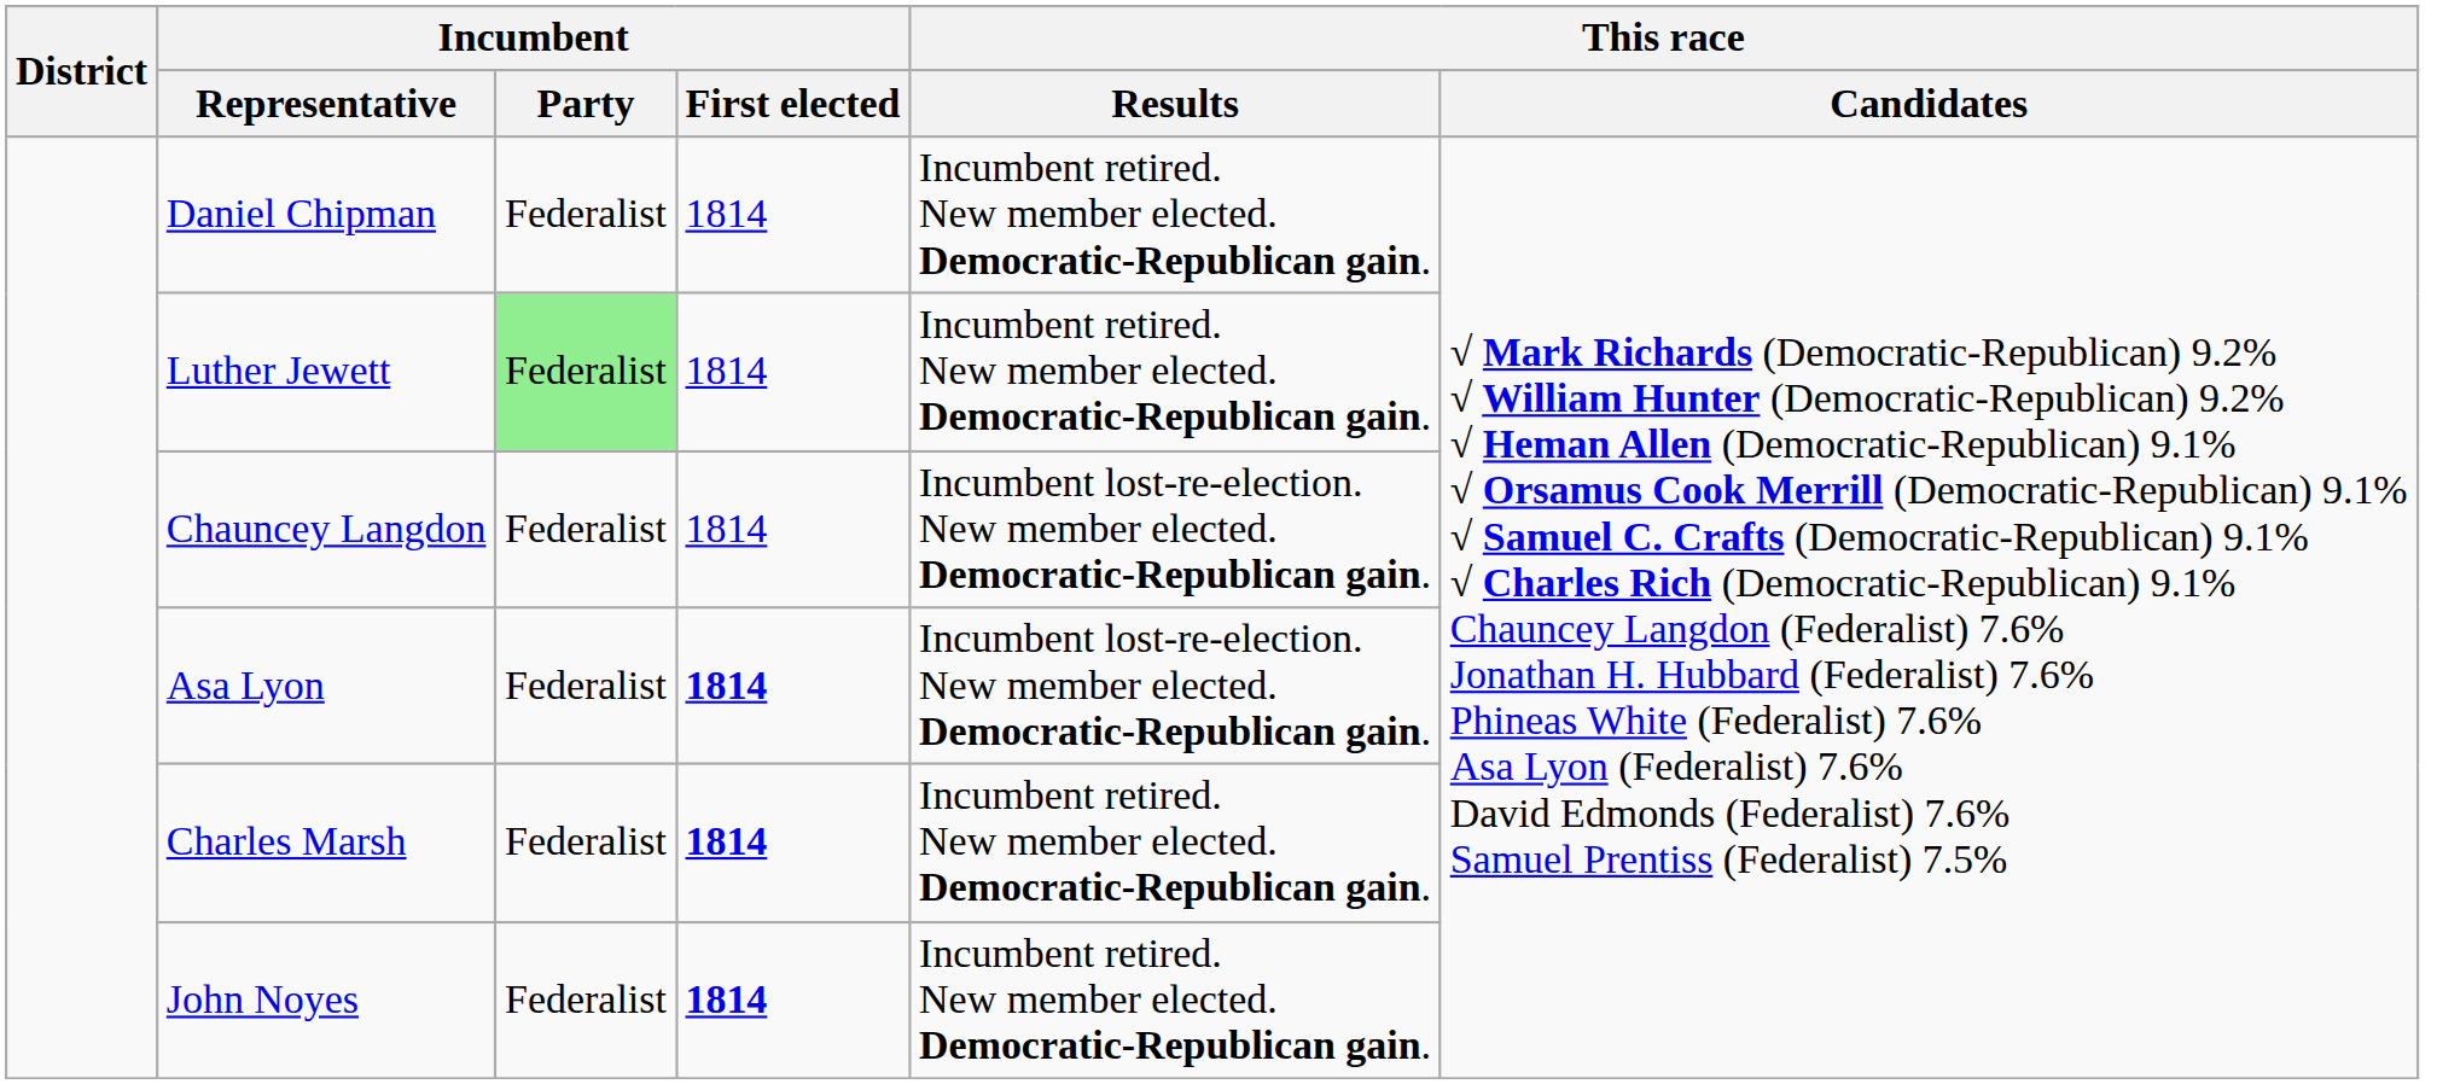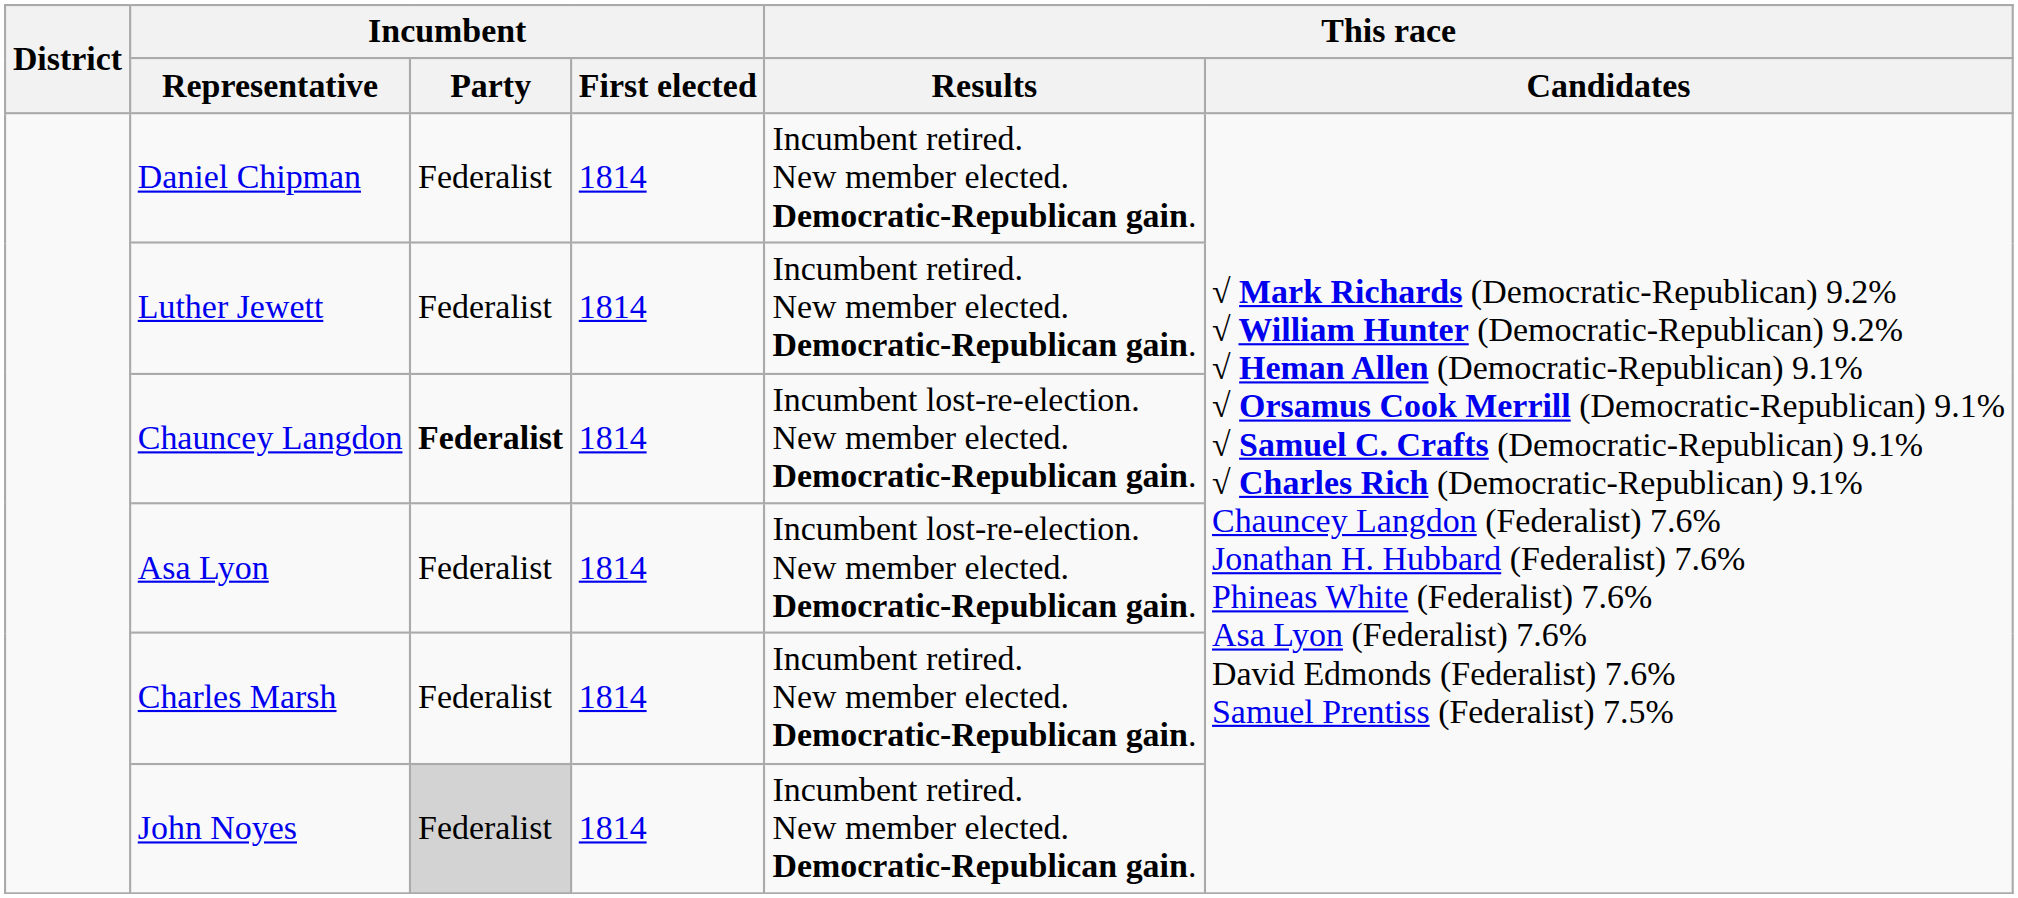 <table class=wikitable>
 <tr>
 <th rowspan=2>District</th>
 <th colspan=3>Incumbent</th>
 <th colspan=2>This race</th>
 </tr>
 <tr>
 <th>Representative</th>
 <th>Party</th>
 <th>First elected</th>
 <th>Results</th>
 <th>Candidates</th>
 </tr>
 <tr>
 <td rowspan=6><br></td>
 <td><a href='#'>Daniel Chipman</a></td>
 <td>Federalist</td>
 <td><a href='#'>1814</a></td>
 <td>Incumbent retired.<br>New member elected.<br><strong>Democratic-Republican gain</strong>.</td>
 <td rowspan=6 nowrap><strong>√ <a href='#'>Mark Richards</a></strong> (Democratic-Republican) 9.2%<br><strong>√ <a href='#'>William Hunter</a></strong> (Democratic-Republican) 9.2%<br><strong>√ <a href='#'>Heman Allen</a></strong> (Democratic-Republican) 9.1%<br><strong>√ <a href='#'>Orsamus Cook Merrill</a></strong> (Democratic-Republican) 9.1%<br><strong>√ <a href='#'>Samuel C. Crafts</a></strong> (Democratic-Republican) 9.1%<br><strong>√ <a href='#'>Charles Rich</a></strong> (Democratic-Republican) 9.1%<br><a href='#'>Chauncey Langdon</a> (Federalist) 7.6%<br><a href='#'>Jonathan H. Hubbard</a> (Federalist) 7.6%<br><a href='#'>Phineas White</a> (Federalist) 7.6%<br><a href='#'>Asa Lyon</a> (Federalist) 7.6%<br>David Edmonds (Federalist) 7.6%<br><a href='#'>Samuel Prentiss</a> (Federalist) 7.5%</td>
 </tr>
 <tr>
 <td><a href='#'>Luther Jewett</a></td>
-<td style="background: lightgreen;">Federalist</td>
+<td>Federalist</td>
 <td><a href='#'>1814</a></td>
 <td>Incumbent retired.<br>New member elected.<br><strong>Democratic-Republican gain</strong>.</td>
 </tr>
 <tr>
 <td><a href='#'>Chauncey Langdon</a></td>
-<td>Federalist</td>
+<td><strong>Federalist</strong></td>
 <td><a href='#'>1814</a></td>
 <td>Incumbent lost-re-election.<br>New member elected.<br><strong>Democratic-Republican gain</strong>.</td>
 </tr>
 <tr>
 <td><a href='#'>Asa Lyon</a></td>
 <td>Federalist</td>
-<td><strong><a href='#'>1814</a></strong></td>
+<td><a href='#'>1814</a></td>
 <td>Incumbent lost-re-election.<br>New member elected.<br><strong>Democratic-Republican gain</strong>.</td>
 </tr>
 <tr>
 <td><a href='#'>Charles Marsh</a></td>
 <td>Federalist</td>
-<td><strong><a href='#'>1814</a></strong></td>
+<td><a href='#'>1814</a></td>
 <td>Incumbent retired.<br>New member elected.<br><strong>Democratic-Republican gain</strong>.</td>
 </tr>
 <tr>
 <td><a href='#'>John Noyes</a></td>
-<td>Federalist</td>
-<td><strong><a href='#'>1814</a></strong></td>
+<td style="background: lightgrey;">Federalist</td>
+<td><a href='#'>1814</a></td>
 <td>Incumbent retired.<br>New member elected.<br><strong>Democratic-Republican gain</strong>.</td>
 </tr>
 </table>
